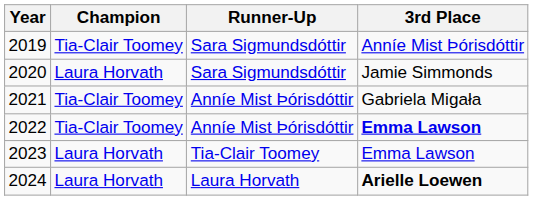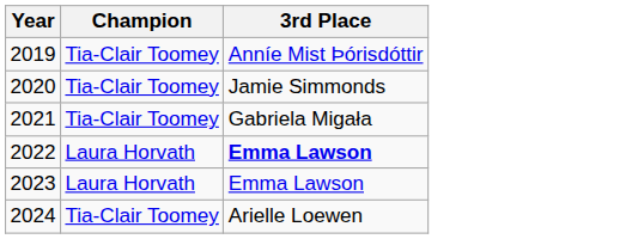 <table class="wikitable" style="display: inline-table;">
 <tr>
 <th>Year</th>
 <th>Champion</th>
-<th>Runner-Up</th>
 <th>3rd Place</th>
 </tr>
 <tr>
 <td>2019</td>
 <td> <a href='#'>Tia-Clair Toomey</a></td>
-<td> <a href='#'>Sara Sigmundsdóttir</a></td>
 <td> <a href='#'>Anníe Mist Þórisdóttir</a></td>
 </tr>
 <tr>
 <td>2020</td>
-<td> <a href='#'>Laura Horvath</a></td>
-<td> <a href='#'>Sara Sigmundsdóttir</a></td>
+<td> <a href='#'>Tia-Clair Toomey</a></td>
 <td> Jamie Simmonds</td>
 </tr>
 <tr>
 <td>2021</td>
 <td> <a href='#'>Tia-Clair Toomey</a></td>
-<td> <a href='#'>Anníe Mist Þórisdóttir</a></td>
 <td> Gabriela Migała</td>
 </tr>
 <tr>
 <td>2022</td>
-<td> <a href='#'>Tia-Clair Toomey</a></td>
-<td> <a href='#'>Anníe Mist Þórisdóttir</a></td>
+<td> <a href='#'>Laura Horvath</a></td>
 <td><strong> <a href='#'>Emma Lawson</a></strong></td>
 </tr>
 <tr>
 <td>2023</td>
 <td> <a href='#'>Laura Horvath</a></td>
-<td> <a href='#'>Tia-Clair Toomey</a></td>
 <td> <a href='#'>Emma Lawson</a></td>
 </tr>
 <tr>
 <td>2024</td>
-<td> <a href='#'>Laura Horvath</a></td>
-<td> <a href='#'>Laura Horvath</a></td>
-<td><strong> Arielle Loewen</strong></td>
+<td> <a href='#'>Tia-Clair Toomey</a></td>
+<td> Arielle Loewen</td>
 </tr>
 </table>
